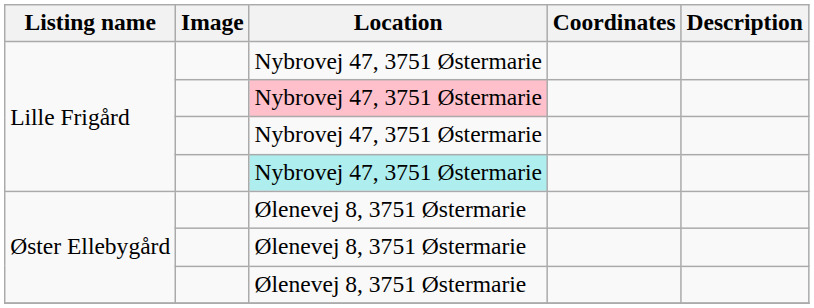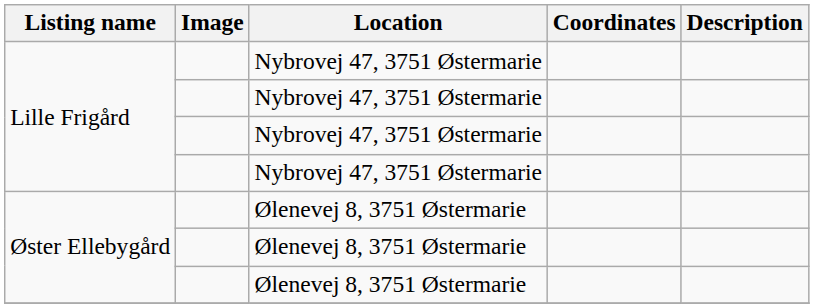 <table class="wikitable sortable">
 <tr>
 <th>Listing name</th>
 <th>Image</th>
 <th>Location</th>
 <th>Coordinates</th>
 <th>Description</th>
 </tr>
 <tr>
 <td rowspan="4">Lille Frigård</td>
 <td></td>
 <td>Nybrovej 47, 3751 Østermarie</td>
 <td></td>
 <td></td>
 </tr>
 <tr>
 <td></td>
-<td style="background: pink;">Nybrovej 47, 3751 Østermarie</td>
+<td>Nybrovej 47, 3751 Østermarie</td>
 <td></td>
 <td></td>
 </tr>
 <tr>
 <td></td>
 <td>Nybrovej 47, 3751 Østermarie</td>
 <td></td>
 <td></td>
 </tr>
 <tr>
 <td></td>
-<td style="background: paleturquoise;">Nybrovej 47, 3751 Østermarie</td>
+<td>Nybrovej 47, 3751 Østermarie</td>
 <td></td>
 <td></td>
 </tr>
 <tr>
 <td rowspan="3">Øster Ellebygård</td>
 <td></td>
 <td>Ølenevej 8, 3751 Østermarie</td>
 <td></td>
 <td></td>
 </tr>
 <tr>
 <td></td>
 <td>Ølenevej 8, 3751 Østermarie</td>
 <td></td>
 <td></td>
 </tr>
 <tr>
 <td></td>
 <td>Ølenevej 8, 3751 Østermarie</td>
 <td></td>
 <td></td>
 </tr>
 <tr>
 </tr>
 </table>
